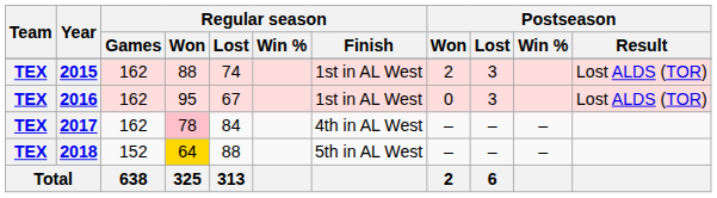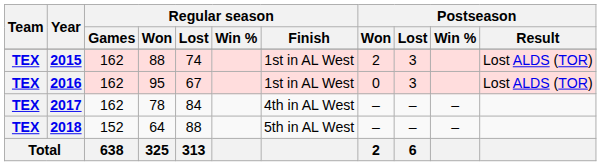 <table class="wikitable" style="font-size: 95%; text-align:center;">
 <tr>
 <th rowspan="2">Team</th>
 <th rowspan="2">Year</th>
 <th colspan="5">Regular season</th>
 <th colspan="4">Postseason</th>
 </tr>
 <tr>
 <th>Games</th>
 <th>Won</th>
 <th>Lost</th>
 <th>Win %</th>
 <th>Finish</th>
 <th>Won</th>
 <th>Lost</th>
 <th>Win %</th>
 <th>Result</th>
 </tr>
 <tr>
 </tr>
 <tr ! style="background:#fdd;">
 <th><a href='#'>TEX</a></th>
 <th><a href='#'>2015</a></th>
 <td>162</td>
 <td>88</td>
 <td>74</td>
 <td></td>
 <td>1st in AL West</td>
 <td>2</td>
 <td>3</td>
 <td></td>
 <td>Lost <a href='#'>ALDS</a> (<a href='#'>TOR</a>)</td>
 </tr>
 <tr ! style="background:#fdd;">
 <th><a href='#'>TEX</a></th>
 <th><a href='#'>2016</a></th>
 <td>162</td>
 <td>95</td>
 <td>67</td>
 <td></td>
 <td>1st in AL West</td>
 <td>0</td>
 <td>3</td>
 <td></td>
 <td>Lost <a href='#'>ALDS</a> (<a href='#'>TOR</a>)</td>
 </tr>
 <tr>
 <th><a href='#'>TEX</a></th>
 <th><a href='#'>2017</a></th>
 <td>162</td>
-<td style="background: pink;">78</td>
+<td>78</td>
 <td>84</td>
 <td></td>
 <td>4th in AL West</td>
 <td>–</td>
 <td>–</td>
 <td>–</td>
 <td></td>
 </tr>
 <tr>
 <th><a href='#'>TEX</a></th>
 <th><a href='#'>2018</a></th>
 <td>152</td>
-<td style="background: gold;">64</td>
+<td>64</td>
 <td>88</td>
 <td></td>
 <td>5th in AL West</td>
 <td>–</td>
 <td>–</td>
 <td>–</td>
 <td></td>
 </tr>
 <tr>
 <th colspan="2">Total</th>
 <th>638</th>
 <th>325</th>
 <th>313</th>
 <th></th>
 <th></th>
 <th>2</th>
 <th>6</th>
 <th></th>
 <th></th>
 </tr>
 </table>
